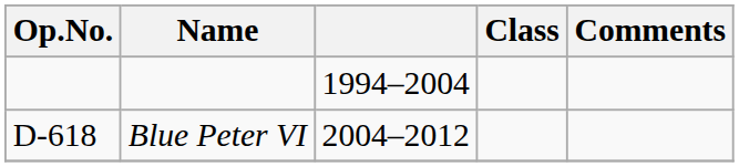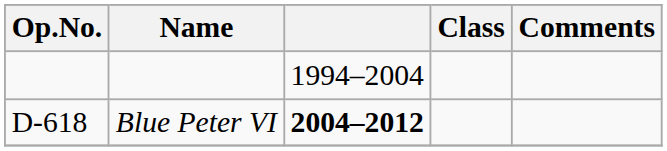 <table class="wikitable">
 <tr>
 <th>Op.No.</th>
 <th>Name</th>
 <th></th>
 <th>Class</th>
 <th>Comments</th>
 </tr>
 <tr>
 <td></td>
 <td></td>
 <td>1994–2004</td>
 <td></td>
 <td></td>
 </tr>
 <tr>
 <td>D-618</td>
 <td><em>Blue Peter VI</em></td>
-<td>2004–2012</td>
+<td><strong>2004–2012</strong></td>
 <td></td>
 <td></td>
 </tr>
 <tr>
 </tr>
 </table>
